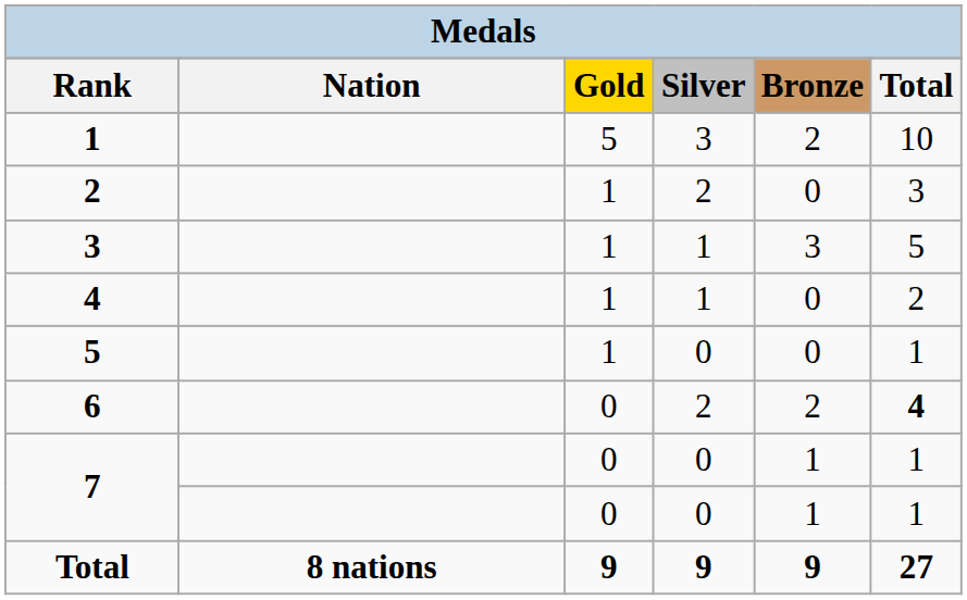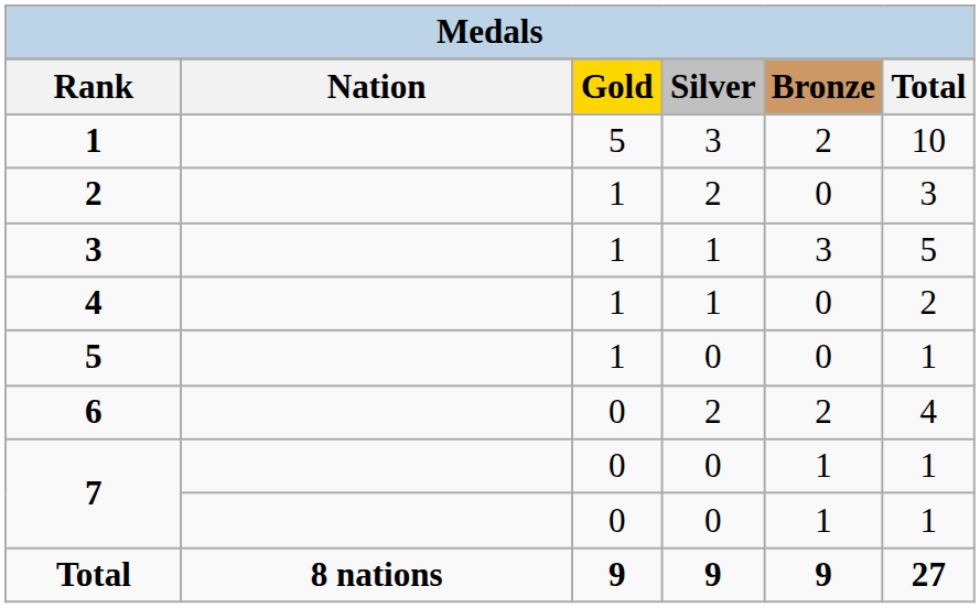 <table class="wikitable" style="text-align:center">
 <tr>
 <td colspan="6" style="background:#BCD4E6"><strong>Medals</strong></td>
 </tr>
 <tr>
 </tr>
 <tr style="background-color:#EDEDED;">
 <th width="75px" class="hintergrundfarbe5">Rank</th>
 <th width="175px" class="hintergrundfarbe6">Nation</th>
 <th style="background:    gold; width:35px ">Gold</th>
 <th style="background:  silver; width:35px ">Silver</th>
 <th style="background: #CC9966; width:35px ">Bronze</th>
 <th width="35px">Total</th>
 </tr>
 <tr>
 <td><strong>1</strong></td>
 <td align=left></td>
 <td>5</td>
 <td>3</td>
 <td>2</td>
 <td>10</td>
 </tr>
 <tr>
 <td><strong>2</strong></td>
 <td align=left></td>
 <td>1</td>
 <td>2</td>
 <td>0</td>
 <td>3</td>
 </tr>
 <tr>
 <td><strong>3</strong></td>
 <td align=left></td>
 <td>1</td>
 <td>1</td>
 <td>3</td>
 <td>5</td>
 </tr>
 <tr>
 <td><strong>4</strong></td>
 <td align=left></td>
 <td>1</td>
 <td>1</td>
 <td>0</td>
 <td>2</td>
 </tr>
 <tr>
 <td><strong>5</strong></td>
 <td align=left></td>
 <td>1</td>
 <td>0</td>
 <td>0</td>
 <td>1</td>
 </tr>
 <tr>
 <td><strong>6</strong></td>
 <td align=left></td>
 <td>0</td>
 <td>2</td>
 <td>2</td>
-<td><strong>4</strong></td>
+<td>4</td>
 </tr>
 <tr>
 <td rowspan="2"><strong>7</strong></td>
 <td align=left></td>
 <td>0</td>
 <td>0</td>
 <td>1</td>
 <td>1</td>
 </tr>
 <tr>
 <td align="left"></td>
 <td>0</td>
 <td>0</td>
 <td>1</td>
 <td>1</td>
 </tr>
 <tr>
 <td><strong>Total</strong></td>
 <td><strong>8 nations</strong></td>
 <td><strong>9</strong></td>
 <td><strong>9</strong></td>
 <td><strong>9</strong></td>
 <td><strong>27</strong></td>
 </tr>
 </table>
